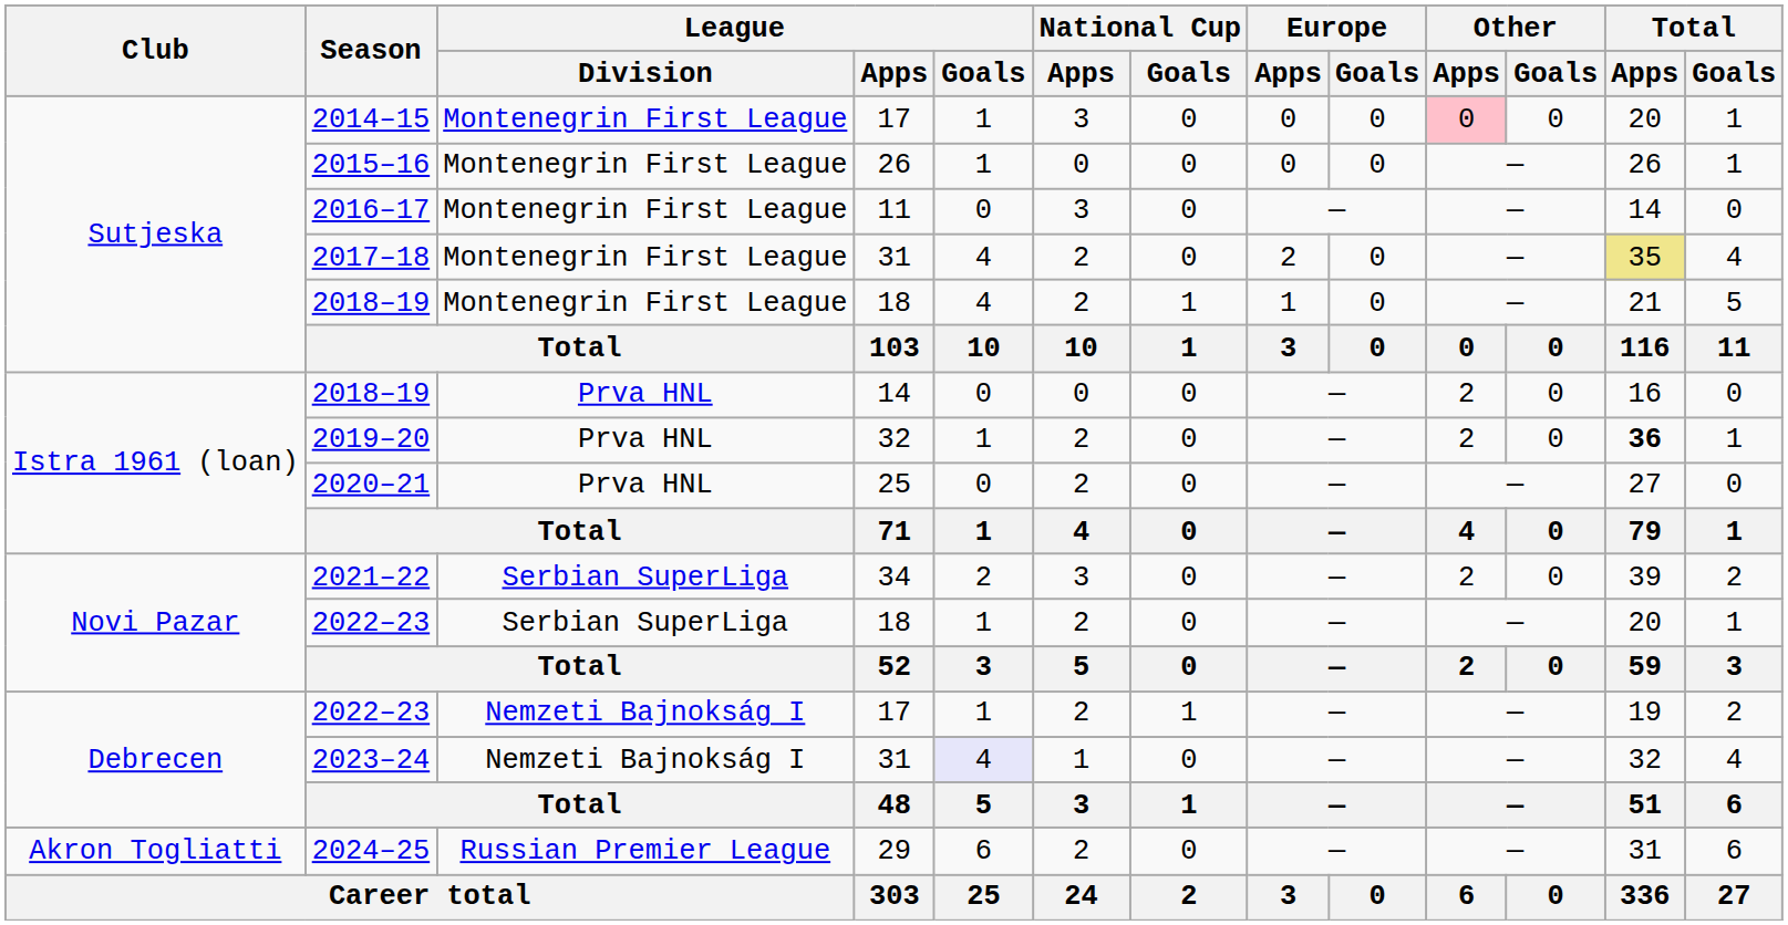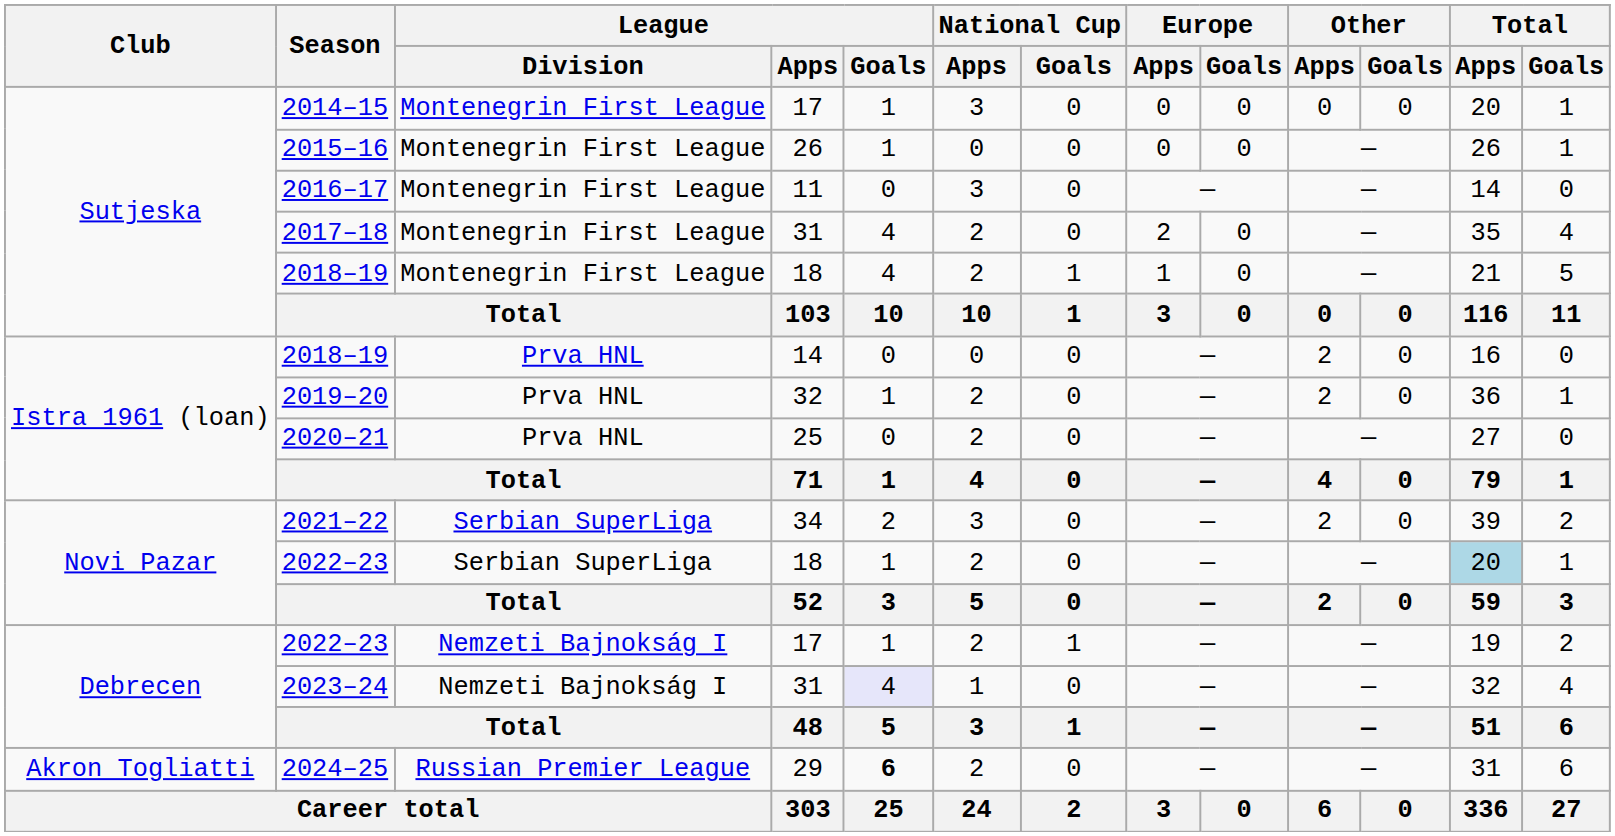 <table class="wikitable" style="text-align: center;">
 <tr>
 <th rowspan="2">Club</th>
 <th rowspan="2">Season</th>
 <th colspan="3">League</th>
 <th colspan="2">National Cup</th>
 <th colspan="2">Europe</th>
 <th colspan="2">Other</th>
 <th colspan="2">Total</th>
 </tr>
 <tr>
 <th>Division</th>
 <th>Apps</th>
 <th>Goals</th>
 <th>Apps</th>
 <th>Goals</th>
 <th>Apps</th>
 <th>Goals</th>
 <th>Apps</th>
 <th>Goals</th>
 <th>Apps</th>
 <th>Goals</th>
 </tr>
 <tr>
 <td rowspan="6"><a href='#'>Sutjeska</a></td>
 <td><a href='#'>2014–15</a></td>
 <td><a href='#'>Montenegrin First League</a></td>
 <td>17</td>
 <td>1</td>
 <td>3</td>
 <td>0</td>
 <td>0</td>
 <td>0</td>
-<td style="background: pink;">0</td>
+<td>0</td>
 <td>0</td>
 <td>20</td>
 <td>1</td>
 </tr>
 <tr>
 <td><a href='#'>2015–16</a></td>
 <td>Montenegrin First League</td>
 <td>26</td>
 <td>1</td>
 <td>0</td>
 <td>0</td>
 <td>0</td>
 <td>0</td>
 <td colspan="2">—</td>
 <td>26</td>
 <td>1</td>
 </tr>
 <tr>
 <td><a href='#'>2016–17</a></td>
 <td>Montenegrin First League</td>
 <td>11</td>
 <td>0</td>
 <td>3</td>
 <td>0</td>
 <td colspan="2">—</td>
 <td colspan="2">—</td>
 <td>14</td>
 <td>0</td>
 </tr>
 <tr>
 <td><a href='#'>2017–18</a></td>
 <td>Montenegrin First League</td>
 <td>31</td>
 <td>4</td>
 <td>2</td>
 <td>0</td>
 <td>2</td>
 <td>0</td>
 <td colspan="2">—</td>
-<td style="background: khaki;">35</td>
+<td>35</td>
 <td>4</td>
 </tr>
 <tr>
 <td><a href='#'>2018–19</a></td>
 <td>Montenegrin First League</td>
 <td>18</td>
 <td>4</td>
 <td>2</td>
 <td>1</td>
 <td>1</td>
 <td>0</td>
 <td colspan="2">—</td>
 <td>21</td>
 <td>5</td>
 </tr>
 <tr>
 <th colspan="2">Total</th>
 <th>103</th>
 <th>10</th>
 <th>10</th>
 <th>1</th>
 <th>3</th>
 <th>0</th>
 <th>0</th>
 <th>0</th>
 <th>116</th>
 <th>11</th>
 </tr>
 <tr>
 <td rowspan="4"><a href='#'>Istra 1961</a> (loan)</td>
 <td><a href='#'>2018–19</a></td>
 <td><a href='#'>Prva HNL</a></td>
 <td>14</td>
 <td>0</td>
 <td>0</td>
 <td>0</td>
 <td colspan="2">—</td>
 <td>2</td>
 <td>0</td>
 <td>16</td>
 <td>0</td>
 </tr>
 <tr>
 <td><a href='#'>2019–20</a></td>
 <td>Prva HNL</td>
 <td>32</td>
 <td>1</td>
 <td>2</td>
 <td>0</td>
 <td colspan="2">—</td>
 <td>2</td>
 <td>0</td>
-<td><strong>36</strong></td>
+<td>36</td>
 <td>1</td>
 </tr>
 <tr>
 <td><a href='#'>2020–21</a></td>
 <td>Prva HNL</td>
 <td>25</td>
 <td>0</td>
 <td>2</td>
 <td>0</td>
 <td colspan="2">—</td>
 <td colspan="2">—</td>
 <td>27</td>
 <td>0</td>
 </tr>
 <tr>
 <th colspan="2">Total</th>
 <th>71</th>
 <th>1</th>
 <th>4</th>
 <th>0</th>
 <th colspan="2">—</th>
 <th>4</th>
 <th>0</th>
 <th>79</th>
 <th>1</th>
 </tr>
 <tr>
 <td rowspan="3"><a href='#'>Novi Pazar</a></td>
 <td><a href='#'>2021–22</a></td>
 <td><a href='#'>Serbian SuperLiga</a></td>
 <td>34</td>
 <td>2</td>
 <td>3</td>
 <td>0</td>
 <td colspan="2">—</td>
 <td>2</td>
 <td>0</td>
 <td>39</td>
 <td>2</td>
 </tr>
 <tr>
 <td><a href='#'>2022–23</a></td>
 <td>Serbian SuperLiga</td>
 <td>18</td>
 <td>1</td>
 <td>2</td>
 <td>0</td>
 <td colspan="2">—</td>
 <td colspan="2">—</td>
-<td>20</td>
+<td style="background: lightblue;">20</td>
 <td>1</td>
 </tr>
 <tr>
 <th colspan="2">Total</th>
 <th>52</th>
 <th>3</th>
 <th>5</th>
 <th>0</th>
 <th colspan="2">—</th>
 <th>2</th>
 <th>0</th>
 <th>59</th>
 <th>3</th>
 </tr>
 <tr>
 <td rowspan="3"><a href='#'>Debrecen</a></td>
 <td><a href='#'>2022–23</a></td>
 <td><a href='#'>Nemzeti Bajnokság I</a></td>
 <td>17</td>
 <td>1</td>
 <td>2</td>
 <td>1</td>
 <td colspan="2">—</td>
 <td colspan="2">—</td>
 <td>19</td>
 <td>2</td>
 </tr>
 <tr>
 <td><a href='#'>2023–24</a></td>
 <td>Nemzeti Bajnokság I</td>
 <td>31</td>
 <td style="background: lavender;">4</td>
 <td>1</td>
 <td>0</td>
 <td colspan="2">—</td>
 <td colspan="2">—</td>
 <td>32</td>
 <td>4</td>
 </tr>
 <tr>
 <th colspan="2">Total</th>
 <th>48</th>
 <th>5</th>
 <th>3</th>
 <th>1</th>
 <th colspan="2">—</th>
 <th colspan="2">—</th>
 <th>51</th>
 <th>6</th>
 </tr>
 <tr>
 <td><a href='#'>Akron Togliatti</a></td>
 <td><a href='#'>2024–25</a></td>
 <td><a href='#'>Russian Premier League</a></td>
 <td>29</td>
-<td>6</td>
+<td><strong>6</strong></td>
 <td>2</td>
 <td>0</td>
 <td colspan="2">—</td>
 <td colspan="2">—</td>
 <td>31</td>
 <td>6</td>
 </tr>
 <tr>
 <th colspan="3">Career total</th>
 <th>303</th>
 <th>25</th>
 <th>24</th>
 <th>2</th>
 <th>3</th>
 <th>0</th>
 <th>6</th>
 <th>0</th>
 <th>336</th>
 <th>27</th>
 </tr>
 </table>
